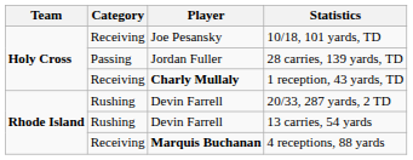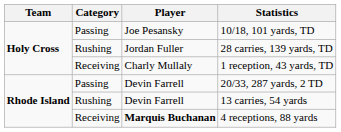 <table class="wikitable" style="float: right;">
 <tr>
 <th>Team</th>
 <th>Category</th>
 <th>Player</th>
 <th>Statistics</th>
 </tr>
 <tr>
 <td rowspan=3><strong>Holy Cross</strong></td>
-<td>Receiving</td>
+<td>Passing</td>
 <td>Joe Pesansky</td>
 <td>10/18, 101 yards, TD</td>
 </tr>
 <tr>
-<td>Passing</td>
+<td>Rushing</td>
 <td>Jordan Fuller</td>
 <td>28 carries, 139 yards, TD</td>
 </tr>
 <tr>
 <td>Receiving</td>
-<td><strong>Charly Mullaly</strong></td>
+<td>Charly Mullaly</td>
 <td>1 reception, 43 yards, TD</td>
 </tr>
 <tr>
 <td rowspan=3><strong>Rhode Island</strong></td>
-<td>Rushing</td>
+<td>Passing</td>
 <td>Devin Farrell</td>
 <td>20/33, 287 yards, 2 TD</td>
 </tr>
 <tr>
 <td>Rushing</td>
 <td>Devin Farrell</td>
 <td>13 carries, 54 yards</td>
 </tr>
 <tr>
 <td>Receiving</td>
 <td><strong>Marquis Buchanan</strong></td>
 <td>4 receptions, 88 yards</td>
 </tr>
 </table>
